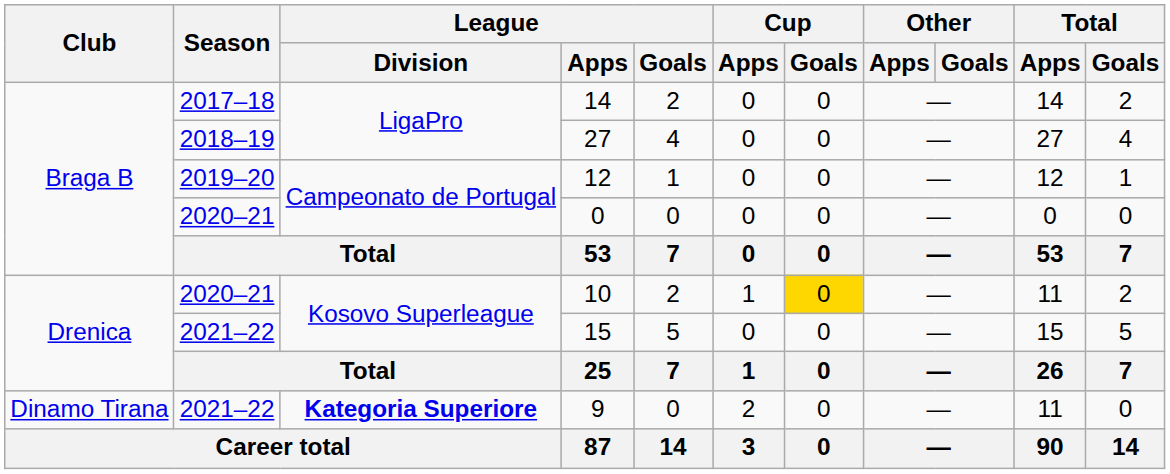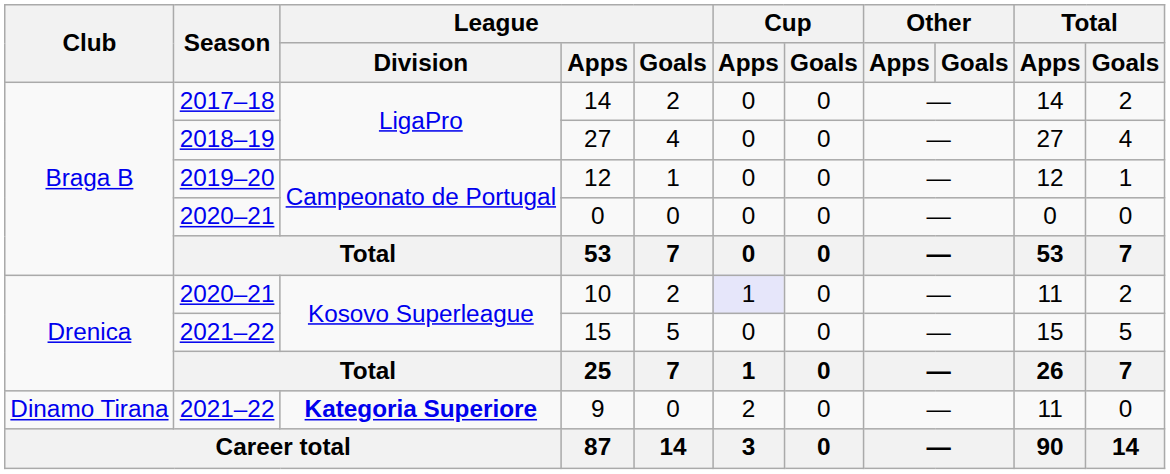 <table class="wikitable" style="text-align:center">
 <tr>
 <th rowspan="2">Club</th>
 <th rowspan="2">Season</th>
 <th colspan="3">League</th>
 <th colspan="2">Cup</th>
 <th colspan="2">Other</th>
 <th colspan="2">Total</th>
 </tr>
 <tr>
 <th>Division</th>
 <th>Apps</th>
 <th>Goals</th>
 <th>Apps</th>
 <th>Goals</th>
 <th>Apps</th>
 <th>Goals</th>
 <th>Apps</th>
 <th>Goals</th>
 </tr>
 <tr>
 <td rowspan="5"><a href='#'>Braga B</a></td>
 <td><a href='#'>2017–18</a></td>
 <td rowspan="2"><a href='#'>LigaPro</a></td>
 <td>14</td>
 <td>2</td>
 <td>0</td>
 <td>0</td>
 <td colspan="2">—</td>
 <td>14</td>
 <td>2</td>
 </tr>
 <tr>
 <td><a href='#'>2018–19</a></td>
 <td>27</td>
 <td>4</td>
 <td>0</td>
 <td>0</td>
 <td colspan="2">—</td>
 <td>27</td>
 <td>4</td>
 </tr>
 <tr>
 <td><a href='#'>2019–20</a></td>
 <td rowspan="2"><a href='#'>Campeonato de Portugal</a></td>
 <td>12</td>
 <td>1</td>
 <td>0</td>
 <td>0</td>
 <td colspan="2">—</td>
 <td>12</td>
 <td>1</td>
 </tr>
 <tr>
 <td><a href='#'>2020–21</a></td>
 <td>0</td>
 <td>0</td>
 <td>0</td>
 <td>0</td>
 <td colspan="2">—</td>
 <td>0</td>
 <td>0</td>
 </tr>
 <tr>
 <th colspan="2">Total</th>
 <th>53</th>
 <th>7</th>
 <th>0</th>
 <th>0</th>
 <th colspan="2">—</th>
 <th>53</th>
 <th>7</th>
 </tr>
 <tr>
 <td rowspan="3"><a href='#'>Drenica</a></td>
 <td><a href='#'>2020–21</a></td>
 <td rowspan="2"><a href='#'>Kosovo Superleague</a></td>
 <td>10</td>
 <td>2</td>
-<td>1</td>
-<td style="background: gold;">0</td>
+<td style="background: lavender;">1</td>
+<td>0</td>
 <td colspan="2">—</td>
 <td>11</td>
 <td>2</td>
 </tr>
 <tr>
 <td><a href='#'>2021–22</a></td>
 <td>15</td>
 <td>5</td>
 <td>0</td>
 <td>0</td>
 <td colspan="2">—</td>
 <td>15</td>
 <td>5</td>
 </tr>
 <tr>
 <th colspan="2">Total</th>
 <th>25</th>
 <th>7</th>
 <th>1</th>
 <th>0</th>
 <th colspan="2">—</th>
 <th>26</th>
 <th>7</th>
 </tr>
 <tr>
 <td><a href='#'>Dinamo Tirana</a></td>
 <td><a href='#'>2021–22</a></td>
 <td><strong><a href='#'>Kategoria Superiore</a></strong></td>
 <td>9</td>
 <td>0</td>
 <td>2</td>
 <td>0</td>
 <td colspan="2">—</td>
 <td>11</td>
 <td>0</td>
 </tr>
 <tr>
 <th colspan="3">Career total</th>
 <th>87</th>
 <th>14</th>
 <th>3</th>
 <th>0</th>
 <th colspan="2">—</th>
 <th>90</th>
 <th>14</th>
 </tr>
 </table>
